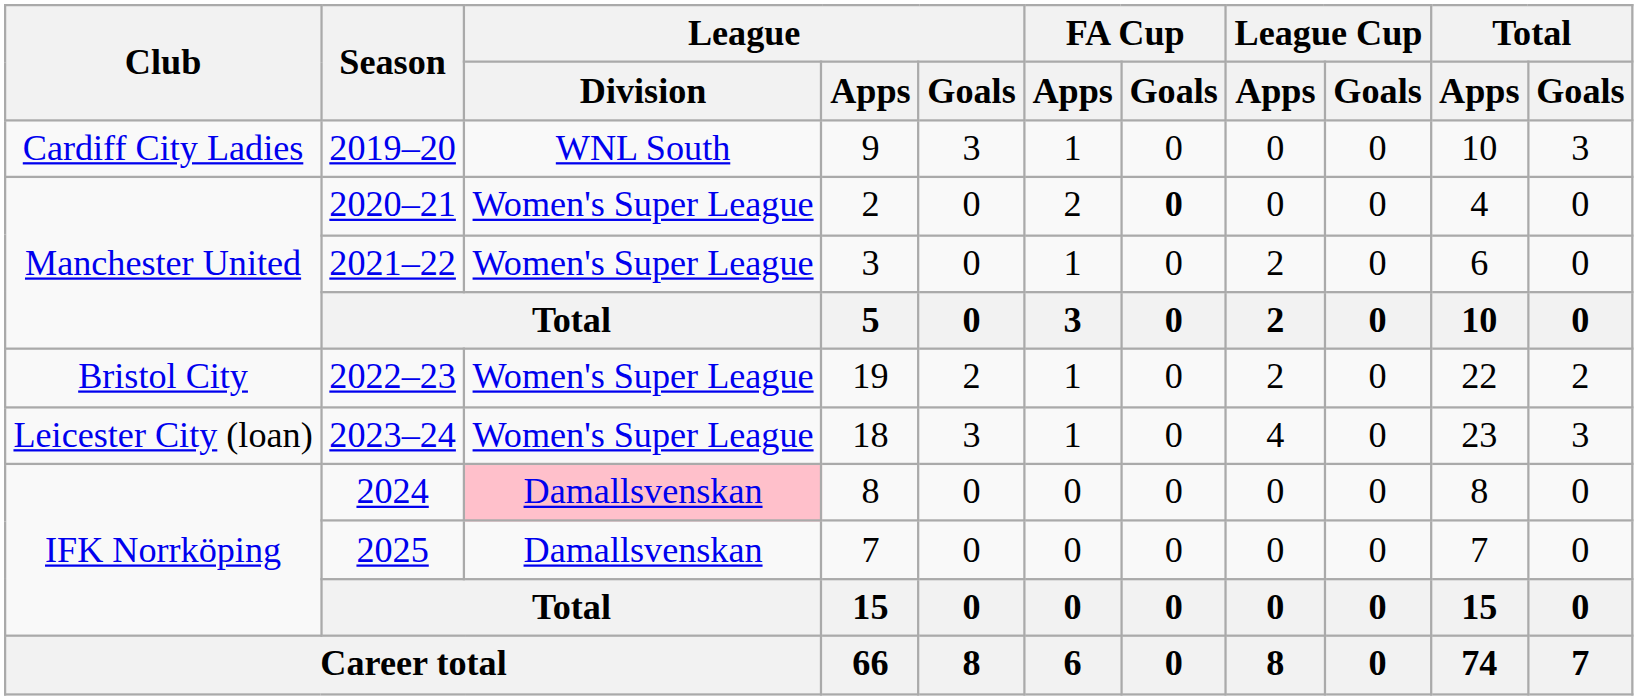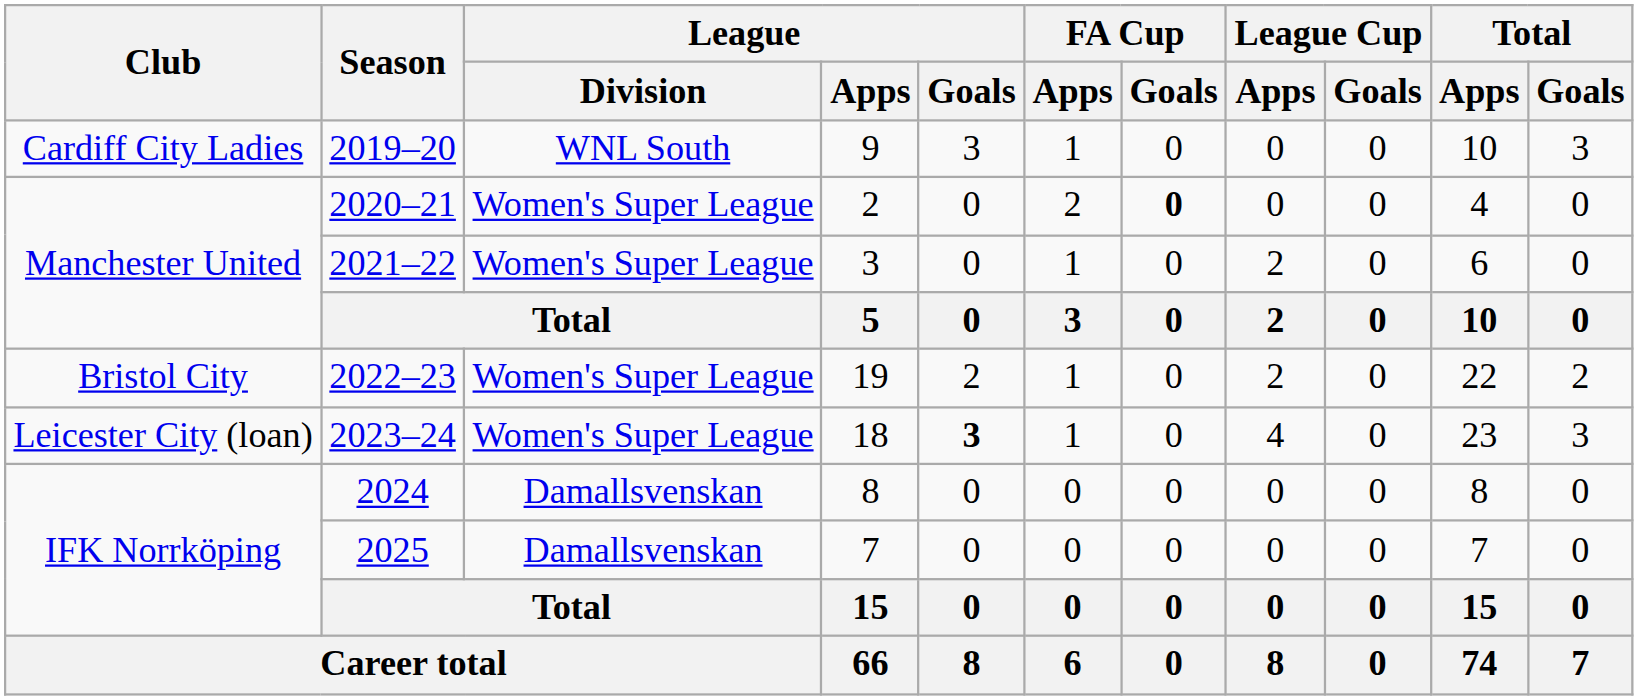 <table class="wikitable" style="text-align:center">
 <tr>
 <th rowspan="2">Club</th>
 <th rowspan="2">Season</th>
 <th colspan="3">League</th>
 <th colspan="2">FA Cup</th>
 <th colspan="2">League Cup</th>
 <th colspan="2">Total</th>
 </tr>
 <tr>
 <th>Division</th>
 <th>Apps</th>
 <th>Goals</th>
 <th>Apps</th>
 <th>Goals</th>
 <th>Apps</th>
 <th>Goals</th>
 <th>Apps</th>
 <th>Goals</th>
 </tr>
 <tr>
 <td><a href='#'>Cardiff City Ladies</a></td>
 <td><a href='#'>2019–20</a></td>
 <td><a href='#'>WNL South</a></td>
 <td>9</td>
 <td>3</td>
 <td>1</td>
 <td>0</td>
 <td>0</td>
 <td>0</td>
 <td>10</td>
 <td>3</td>
 </tr>
 <tr>
 <td rowspan="3"><a href='#'>Manchester United</a></td>
 <td><a href='#'>2020–21</a></td>
 <td><a href='#'>Women's Super League</a></td>
 <td>2</td>
 <td>0</td>
 <td>2</td>
 <td><strong>0</strong></td>
 <td>0</td>
 <td>0</td>
 <td>4</td>
 <td>0</td>
 </tr>
 <tr>
 <td><a href='#'>2021–22</a></td>
 <td><a href='#'>Women's Super League</a></td>
 <td>3</td>
 <td>0</td>
 <td>1</td>
 <td>0</td>
 <td>2</td>
 <td>0</td>
 <td>6</td>
 <td>0</td>
 </tr>
 <tr>
 <th colspan="2">Total</th>
 <th>5</th>
 <th>0</th>
 <th>3</th>
 <th>0</th>
 <th>2</th>
 <th>0</th>
 <th>10</th>
 <th>0</th>
 </tr>
 <tr>
 <td><a href='#'>Bristol City</a></td>
 <td><a href='#'>2022–23</a></td>
 <td><a href='#'>Women's Super League</a></td>
 <td>19</td>
 <td>2</td>
 <td>1</td>
 <td>0</td>
 <td>2</td>
 <td>0</td>
 <td>22</td>
 <td>2</td>
 </tr>
 <tr>
 <td><a href='#'>Leicester City</a> (loan)</td>
 <td><a href='#'>2023–24</a></td>
 <td><a href='#'>Women's Super League</a></td>
 <td>18</td>
-<td>3</td>
+<td><strong>3</strong></td>
 <td>1</td>
 <td>0</td>
 <td>4</td>
 <td>0</td>
 <td>23</td>
 <td>3</td>
 </tr>
 <tr>
 <td rowspan="3"><a href='#'>IFK Norrköping</a></td>
 <td><a href='#'>2024</a></td>
-<td style="background: pink;"><a href='#'>Damallsvenskan</a></td>
+<td><a href='#'>Damallsvenskan</a></td>
 <td>8</td>
 <td>0</td>
 <td>0</td>
 <td>0</td>
 <td>0</td>
 <td>0</td>
 <td>8</td>
 <td>0</td>
 </tr>
 <tr>
 <td><a href='#'>2025</a></td>
 <td><a href='#'>Damallsvenskan</a></td>
 <td>7</td>
 <td>0</td>
 <td>0</td>
 <td>0</td>
 <td>0</td>
 <td>0</td>
 <td>7</td>
 <td>0</td>
 </tr>
 <tr>
 <th colspan="2">Total</th>
 <th>15</th>
 <th>0</th>
 <th>0</th>
 <th>0</th>
 <th>0</th>
 <th>0</th>
 <th>15</th>
 <th>0</th>
 </tr>
 <tr>
 <th colspan="3">Career total</th>
 <th>66</th>
 <th>8</th>
 <th>6</th>
 <th>0</th>
 <th>8</th>
 <th>0</th>
 <th>74</th>
 <th>7</th>
 </tr>
 </table>
